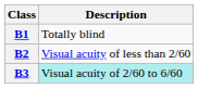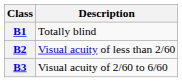 <table class="wikitable">
 <tr>
 <th>Class</th>
 <th>Description</th>
 </tr>
 <tr>
 <th><a href='#'>B1</a></th>
 <td>Totally blind</td>
 </tr>
 <tr>
 <th><a href='#'>B2</a></th>
 <td><a href='#'>Visual acuity</a> of less than 2/60</td>
 </tr>
 <tr>
 <th><a href='#'>B3</a></th>
-<td style="background: paleturquoise;">Visual acuity of 2/60 to 6/60</td>
+<td>Visual acuity of 2/60 to 6/60</td>
 </tr>
 </table>
